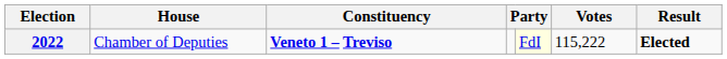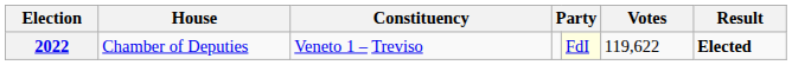 <table class=wikitable style="width:58%; border:1px #AAAAFF solid">
 <tr>
 <th width=12%>Election</th>
 <th width=25%>House</th>
 <th width=34%>Constituency</th>
 <th width=5% colspan="2">Party</th>
 <th width=12%>Votes</th>
 <th width=12%>Result</th>
 </tr>
 <tr>
 <th><a href='#'>2022</a></th>
 <td><a href='#'>Chamber of Deputies</a></td>
-<td><strong><a href='#'>Veneto 1 –</a> <a href='#'>Treviso</a></strong></td>
+<td><a href='#'>Veneto 1 –</a> <a href='#'>Treviso</a></td>
 <td></td>
 <td style="background: lightyellow;"><a href='#'>FdI</a></td>
-<td>115,222</td>
+<td>119,622</td>
 <td> <strong>Elected</strong></td>
 </tr>
 </table>
